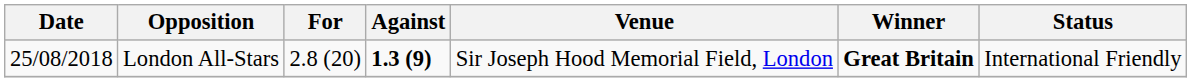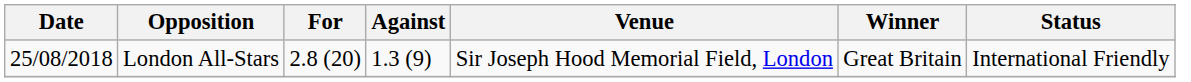 <table class="wikitable sortable">
 <tr>
 <th>Date</th>
 <th>Opposition</th>
 <th>For</th>
 <th>Against</th>
 <th>Venue</th>
 <th>Winner</th>
 <th>Status</th>
 </tr>
 <tr>
 <td>25/08/2018</td>
 <td>London All-Stars</td>
 <td>2.8 (20)</td>
-<td><strong>1.3 (9)</strong></td>
+<td>1.3 (9)</td>
 <td>Sir Joseph Hood Memorial Field, <a href='#'>London</a></td>
-<td><strong>Great Britain</strong></td>
+<td>Great Britain</td>
 <td>International Friendly</td>
 </tr>
 <tr>
 </tr>
 </table>
